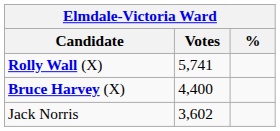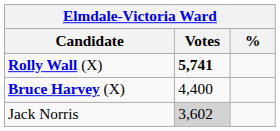 <table class="wikitable">
 <tr>
 <th colspan="3"><a href='#'>Elmdale-Victoria Ward</a></th>
 </tr>
 <tr>
 <th style="width: 170px">Candidate</th>
 <th style="width: 50px">Votes</th>
 <th style="width: 40px">%</th>
 </tr>
 <tr>
 <td><strong><a href='#'>Rolly Wall</a></strong> (X)</td>
-<td>5,741</td>
+<td><strong>5,741</strong></td>
 <td></td>
 </tr>
 <tr>
 <td><strong><a href='#'>Bruce Harvey</a></strong> (X)</td>
 <td>4,400</td>
 <td></td>
 </tr>
 <tr>
 <td>Jack Norris</td>
-<td>3,602</td>
+<td style="background: lightgrey;">3,602</td>
 </tr>
 </table>
